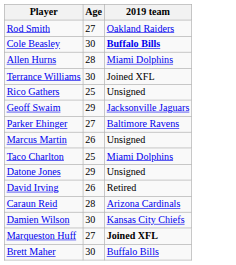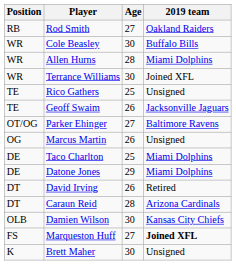 <table class="wikitable">
 <tr>
+<th>Position</th>
 <th>Player</th>
 <th>Age</th>
 <th>2019 team</th>
 </tr>
 <tr>
+<td>RB</td>
 <td><a href='#'>Rod Smith</a></td>
 <td>27</td>
 <td><a href='#'>Oakland Raiders</a></td>
 </tr>
 <tr>
+<td>WR</td>
 <td><a href='#'>Cole Beasley</a></td>
 <td>30</td>
-<td><strong><a href='#'>Buffalo Bills</a></strong></td>
+<td><a href='#'>Buffalo Bills</a></td>
 </tr>
 <tr>
+<td>WR</td>
 <td><a href='#'>Allen Hurns</a></td>
 <td>28</td>
 <td><a href='#'>Miami Dolphins</a></td>
 </tr>
 <tr>
+<td>WR</td>
 <td><a href='#'>Terrance Williams</a></td>
 <td>30</td>
 <td>Joined XFL</td>
 </tr>
 <tr>
+<td>TE</td>
 <td><a href='#'>Rico Gathers</a></td>
 <td>25</td>
 <td>Unsigned</td>
 </tr>
 <tr>
+<td>TE</td>
 <td><a href='#'>Geoff Swaim</a></td>
-<td>29</td>
+<td>26</td>
 <td><a href='#'>Jacksonville Jaguars</a></td>
 </tr>
 <tr>
+<td>OT/OG</td>
 <td><a href='#'>Parker Ehinger</a></td>
 <td>27</td>
 <td><a href='#'>Baltimore Ravens</a></td>
 </tr>
 <tr>
+<td>OG</td>
 <td><a href='#'>Marcus Martin</a></td>
 <td>26</td>
 <td>Unsigned</td>
 </tr>
 <tr>
+<td>DE</td>
 <td><a href='#'>Taco Charlton</a></td>
 <td>25</td>
 <td><a href='#'>Miami Dolphins</a></td>
 </tr>
 <tr>
+<td>DE</td>
 <td><a href='#'>Datone Jones</a></td>
 <td>29</td>
-<td>Unsigned</td>
+<td><a href='#'>Miami Dolphins</a></td>
 </tr>
 <tr>
+<td>DT</td>
 <td><a href='#'>David Irving</a></td>
 <td>26</td>
 <td>Retired</td>
 </tr>
 <tr>
+<td>DT</td>
 <td><a href='#'>Caraun Reid</a></td>
 <td>28</td>
 <td><a href='#'>Arizona Cardinals</a></td>
 </tr>
 <tr>
+<td>OLB</td>
 <td><a href='#'>Damien Wilson</a></td>
 <td>30</td>
 <td><a href='#'>Kansas City Chiefs</a></td>
 </tr>
 <tr>
+<td>FS</td>
 <td><a href='#'>Marqueston Huff</a></td>
 <td>27</td>
 <td><strong>Joined XFL</strong></td>
 </tr>
 <tr>
+<td>K</td>
 <td><a href='#'>Brett Maher</a></td>
 <td>30</td>
-<td><a href='#'>Buffalo Bills</a></td>
+<td>Unsigned</td>
 </tr>
 </table>
